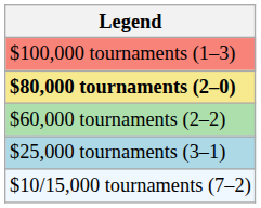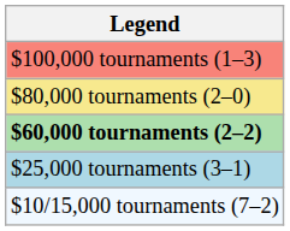 <table class=wikitable style="font-size:85%;">
 <tr>
 <th>Legend</th>
 </tr>
 <tr style="background:#f88379;">
 <td>$100,000 tournaments (1–3)</td>
 </tr>
 <tr style="background:#f7e98e;">
-<td><strong>$80,000 tournaments (2–0)</strong></td>
+<td>$80,000 tournaments (2–0)</td>
 </tr>
 <tr style="background:#addfad;">
-<td>$60,000 tournaments (2–2)</td>
+<td><strong>$60,000 tournaments (2–2)</strong></td>
 </tr>
 <tr style="background:lightblue;">
 <td>$25,000 tournaments (3–1)</td>
 </tr>
 <tr style="background:#f0f8ff;">
 <td>$10/15,000 tournaments (7–2)</td>
 </tr>
 </table>
